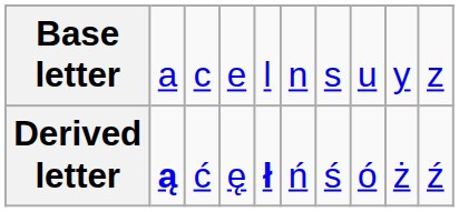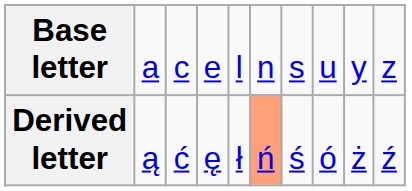 <table class="wikitable" style="line-height: 1.2">
 <tr align=center>
 <th>Base <br> letter</th>
 <td> <br> <a href='#'>a</a></td>
 <td> <br> <a href='#'>c</a></td>
 <td> <br> <a href='#'>e</a></td>
 <td> <br> <a href='#'>l</a></td>
 <td> <br> <a href='#'>n</a></td>
 <td> <br> <a href='#'>s</a></td>
 <td> <br> <a href='#'>u</a></td>
 <td> <br> <a href='#'>y</a></td>
 <td> <br> <a href='#'>z</a></td>
 </tr>
 <tr align=center>
 <th>Derived <br> letter</th>
-<td><strong> <br> <a href='#'>ą</a></strong></td>
+<td> <br> <a href='#'>ą</a></td>
 <td> <br> <a href='#'>ć</a></td>
 <td> <br> <a href='#'>ę</a></td>
-<td><strong> <br> <a href='#'>ł</a></strong></td>
-<td> <br> <a href='#'>ń</a></td>
+<td> <br> <a href='#'>ł</a></td>
+<td style="background: lightsalmon;"> <br> <a href='#'>ń</a></td>
 <td> <br> <a href='#'>ś</a></td>
 <td> <br> <a href='#'>ó</a></td>
 <td> <br> <a href='#'>ż</a></td>
 <td> <br> <a href='#'>ź</a></td>
 </tr>
 </table>
